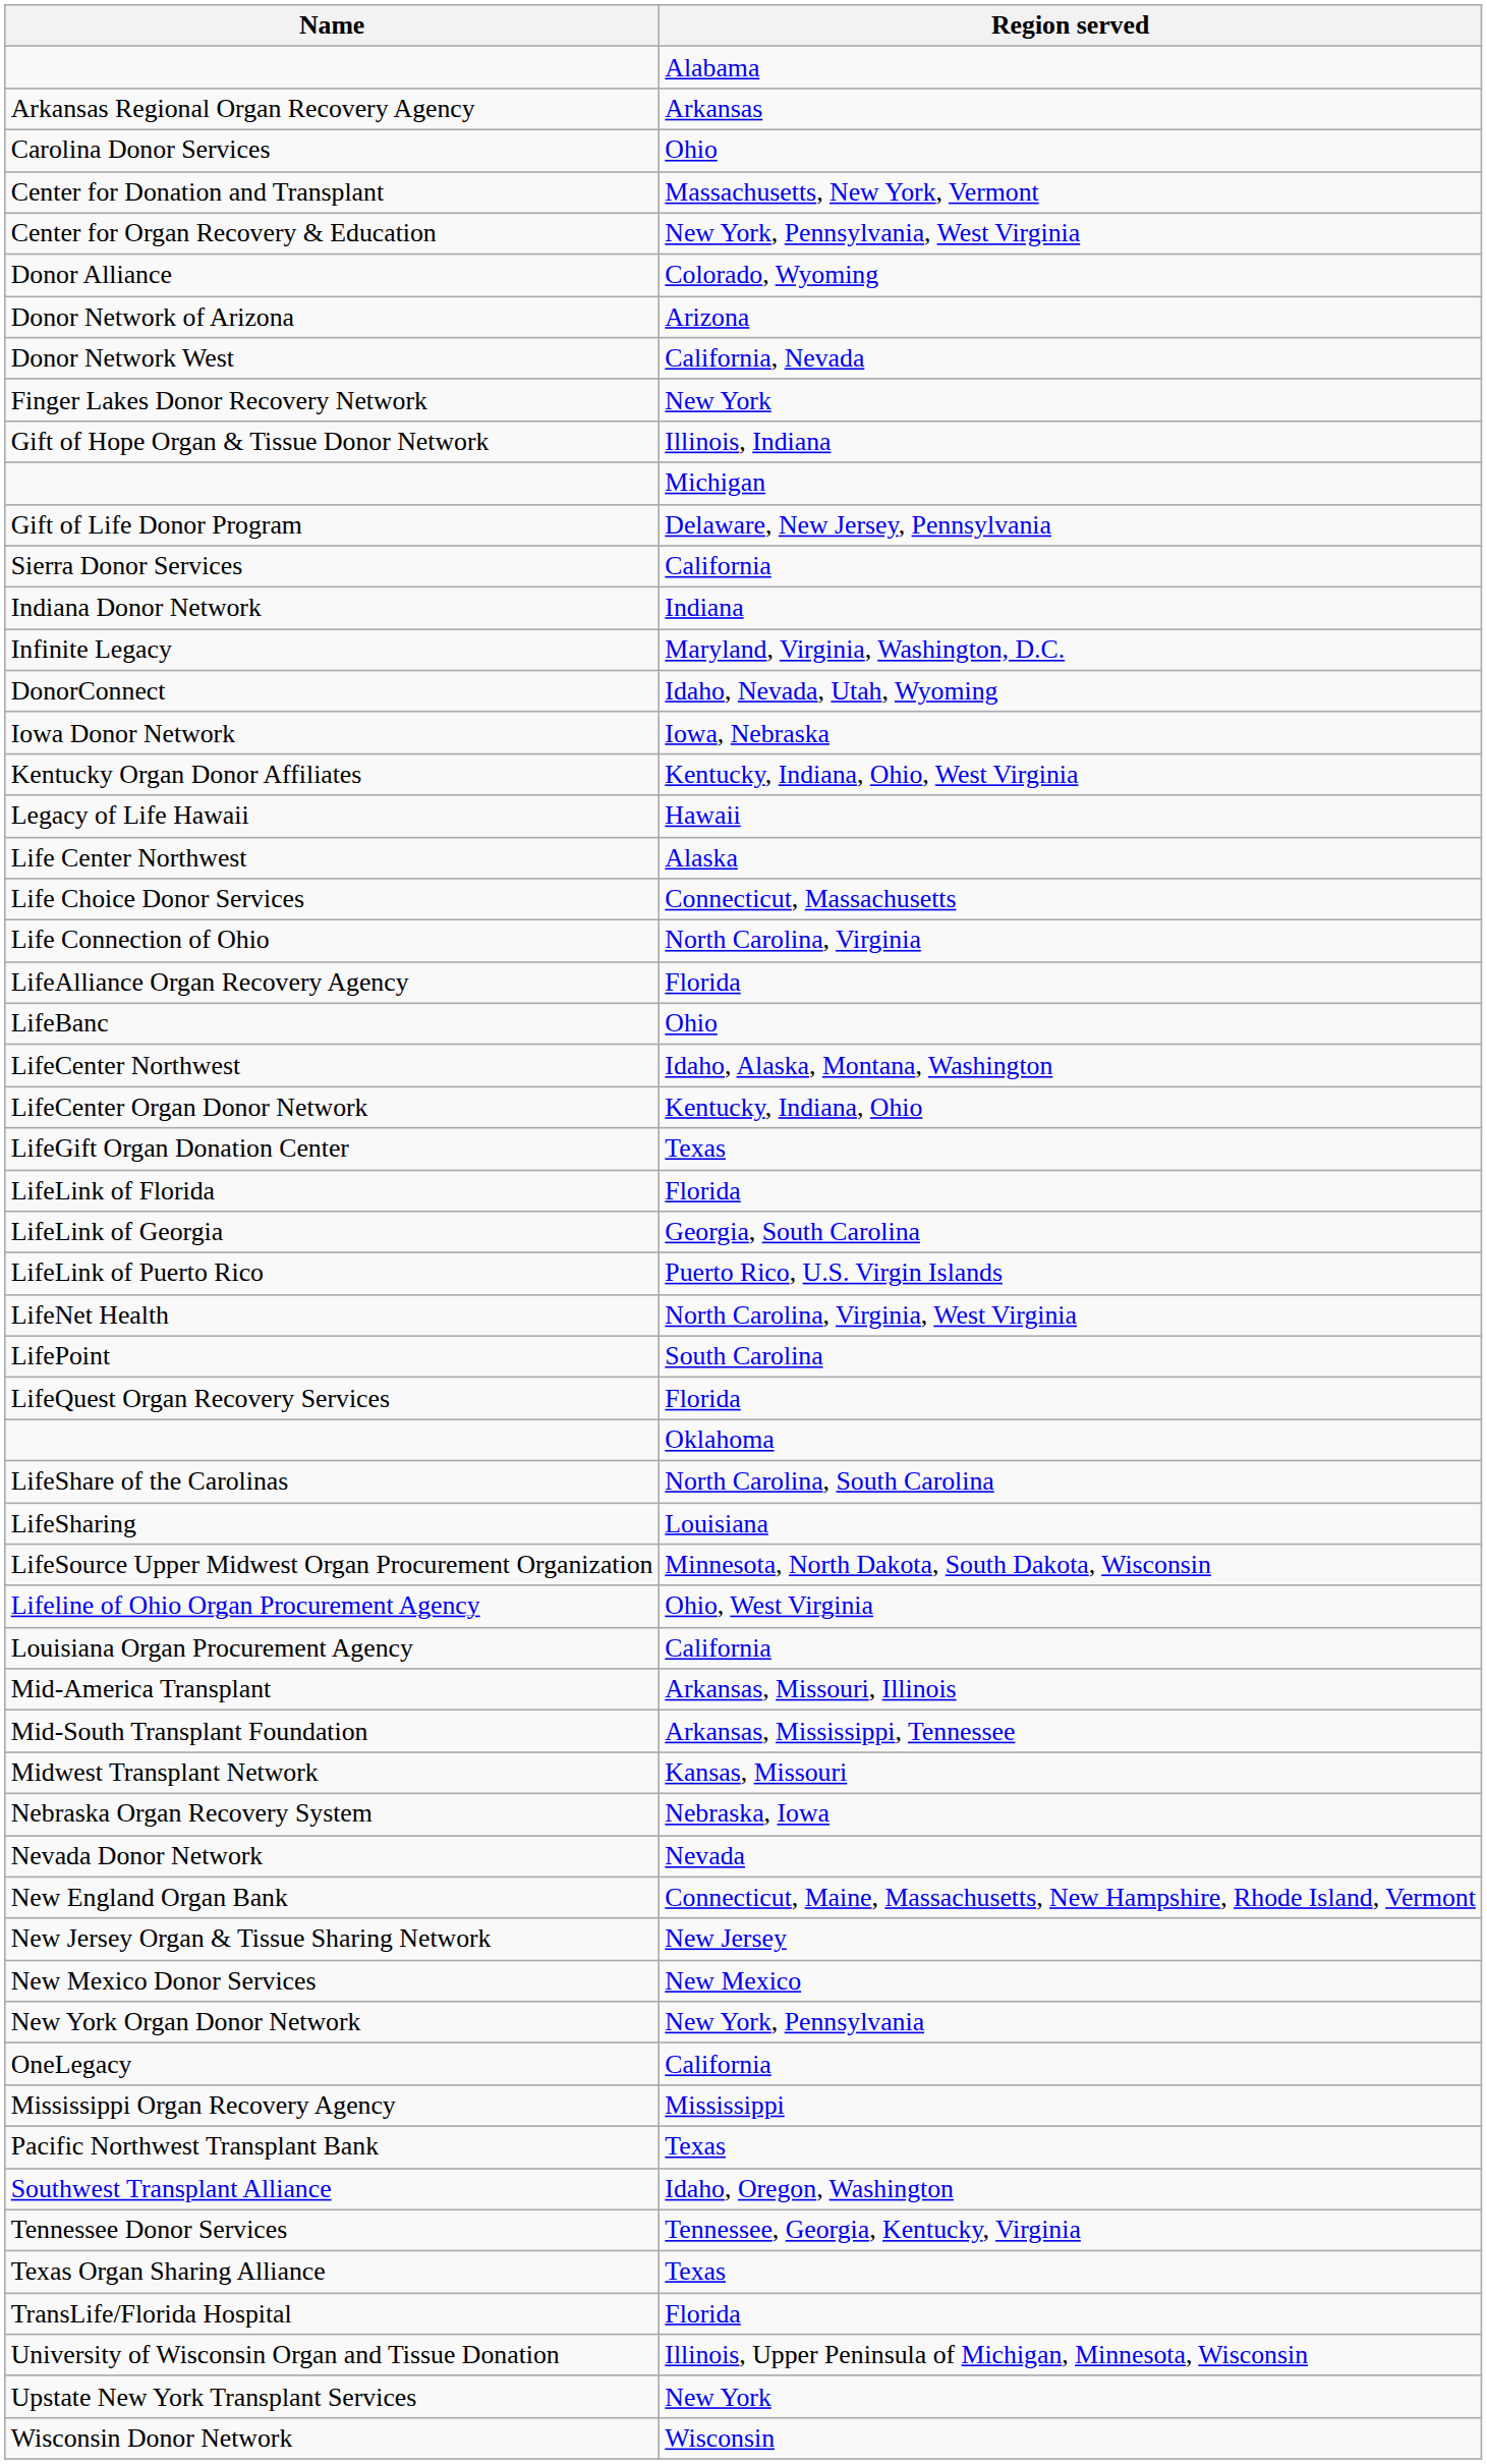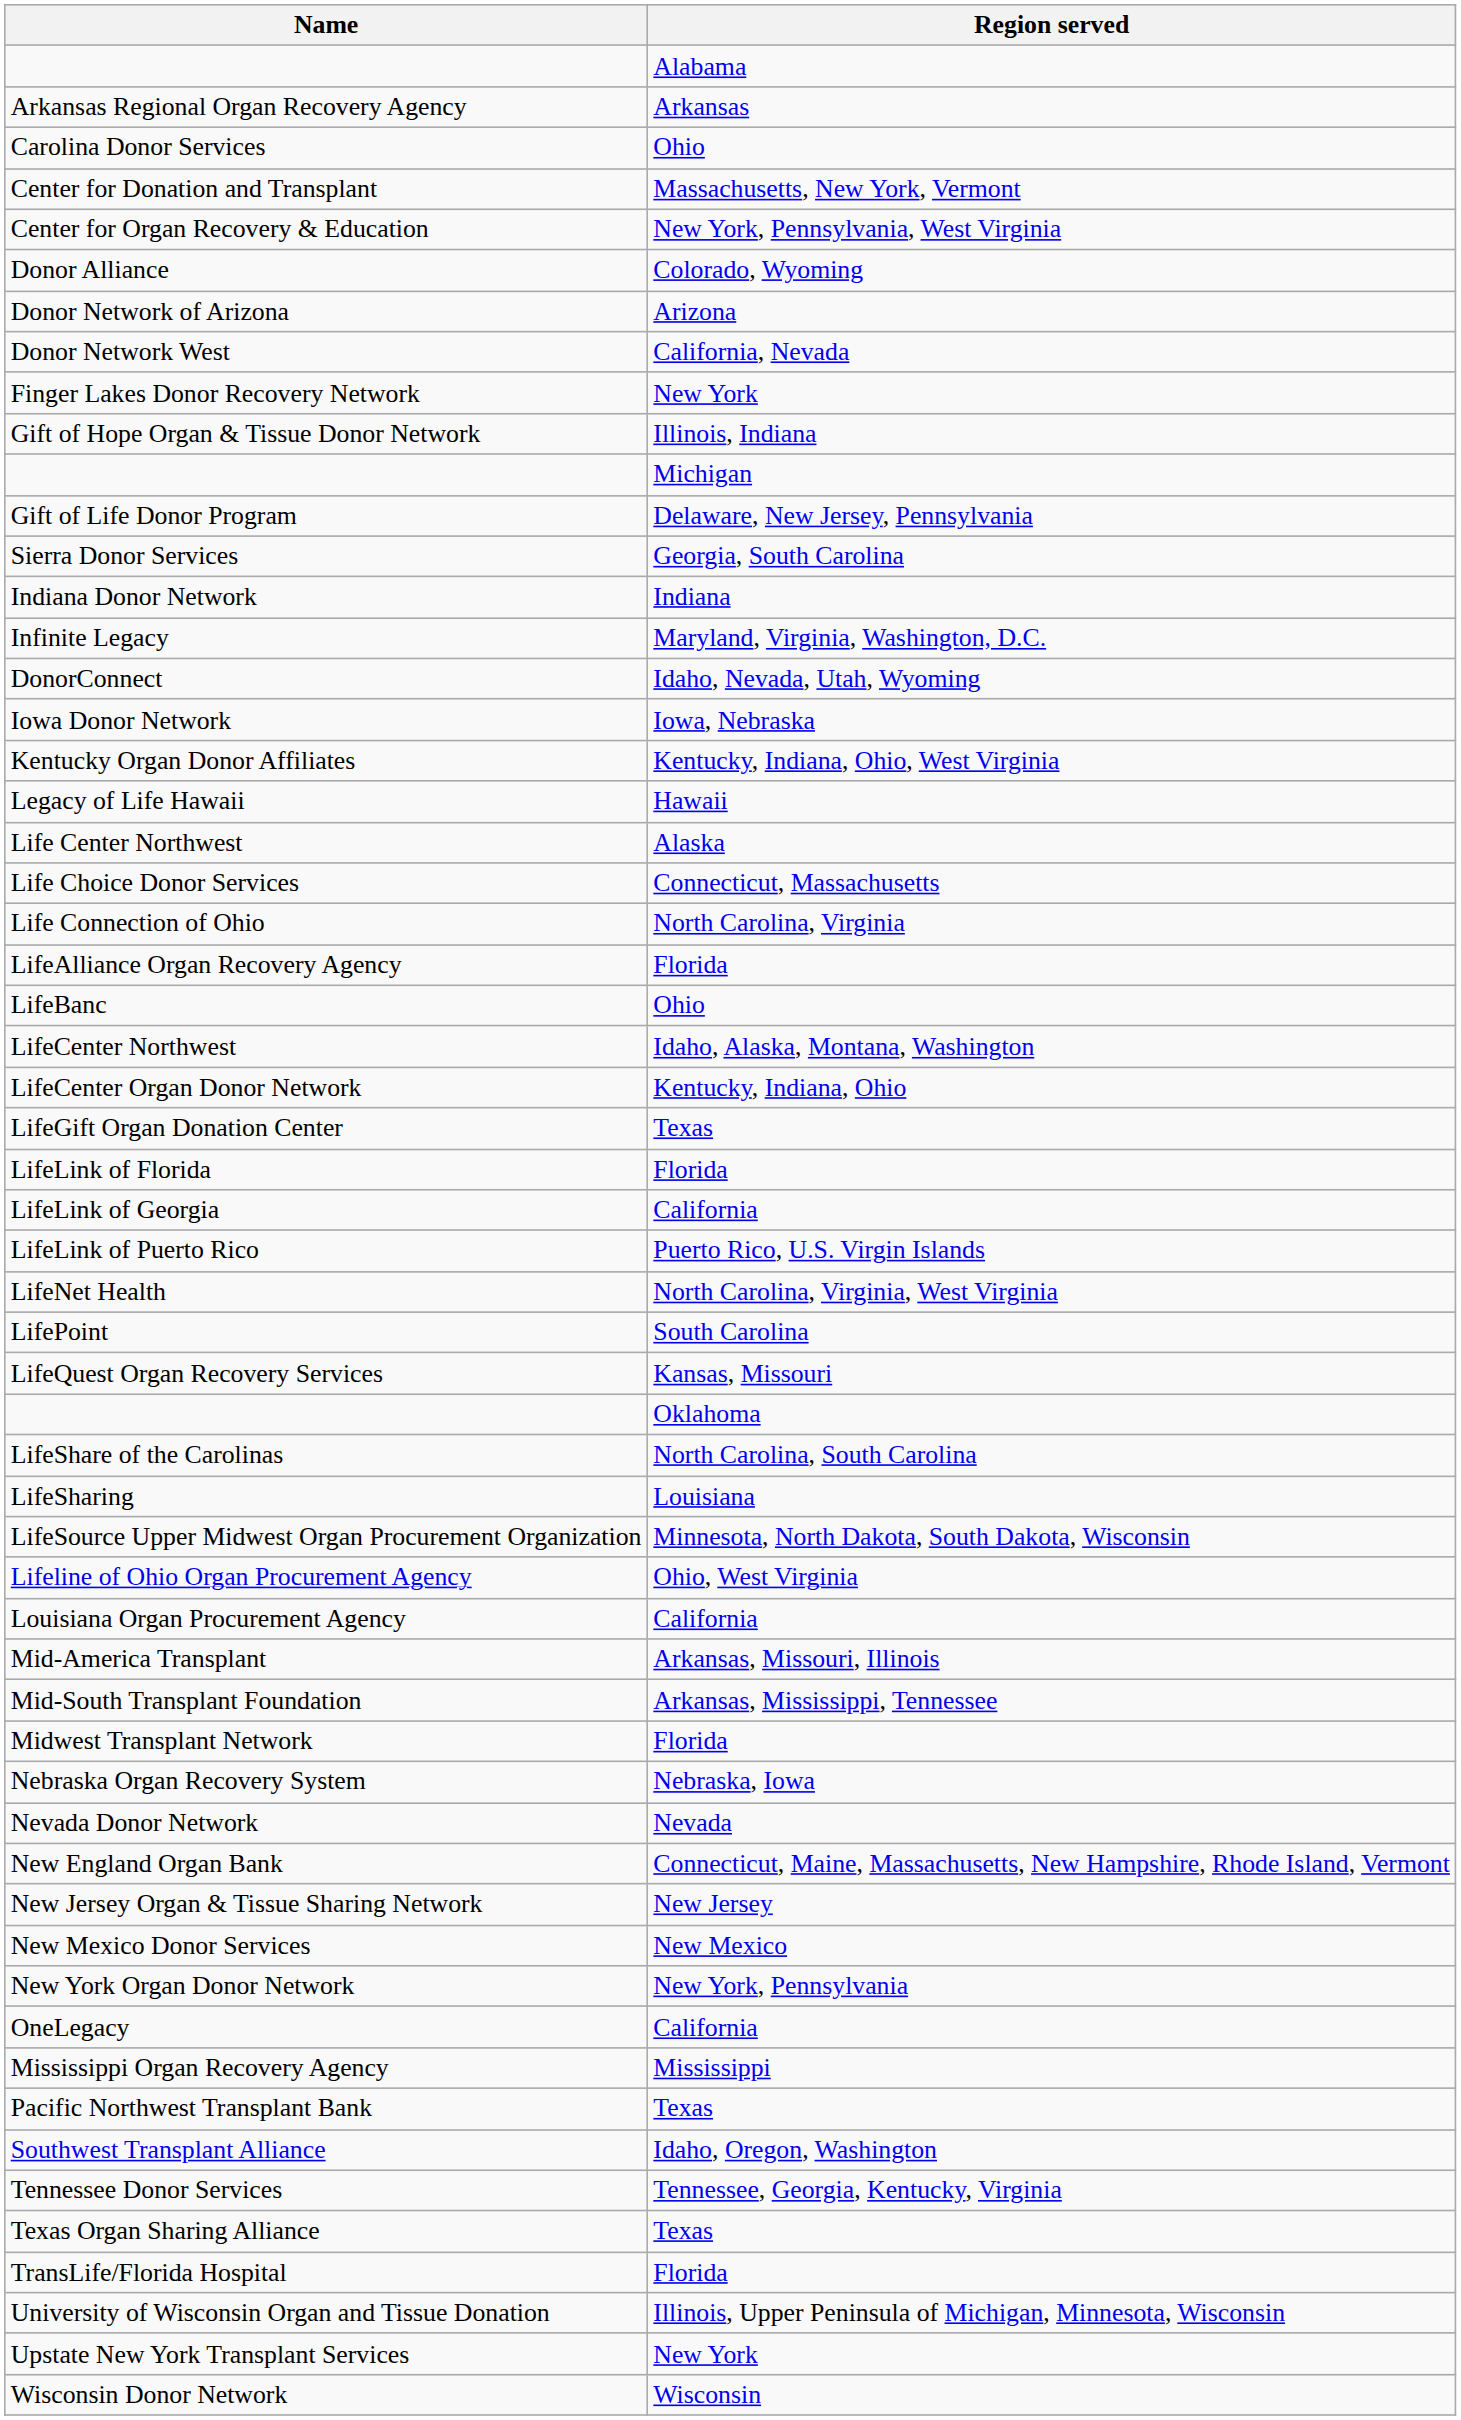 <table class="wikitable sortable">
 <tr>
 <th>Name</th>
 <th>Region served</th>
 </tr>
 <tr>
 <td></td>
 <td><a href='#'>Alabama</a></td>
 </tr>
 <tr>
 <td>Arkansas Regional Organ Recovery Agency</td>
 <td><a href='#'>Arkansas</a></td>
 </tr>
 <tr>
 <td>Carolina Donor Services</td>
 <td><a href='#'>Ohio</a></td>
 </tr>
 <tr>
 <td>Center for Donation and Transplant</td>
 <td><a href='#'>Massachusetts</a>, <a href='#'>New York</a>, <a href='#'>Vermont</a></td>
 </tr>
 <tr>
 <td>Center for Organ Recovery & Education</td>
 <td><a href='#'>New York</a>, <a href='#'>Pennsylvania</a>, <a href='#'>West Virginia</a></td>
 </tr>
 <tr>
 <td>Donor Alliance</td>
 <td><a href='#'>Colorado</a>, <a href='#'>Wyoming</a></td>
 </tr>
 <tr>
 <td>Donor Network of Arizona</td>
 <td><a href='#'>Arizona</a></td>
 </tr>
 <tr>
 <td>Donor Network West</td>
 <td><a href='#'>California</a>, <a href='#'>Nevada</a></td>
 </tr>
 <tr>
 <td>Finger Lakes Donor Recovery Network</td>
 <td><a href='#'>New York</a></td>
 </tr>
 <tr>
 <td>Gift of Hope Organ & Tissue Donor Network</td>
 <td><a href='#'>Illinois</a>, <a href='#'>Indiana</a></td>
 </tr>
 <tr>
 <td></td>
 <td><a href='#'>Michigan</a></td>
 </tr>
 <tr>
 <td>Gift of Life Donor Program</td>
 <td><a href='#'>Delaware</a>, <a href='#'>New Jersey</a>, <a href='#'>Pennsylvania</a></td>
 </tr>
 <tr>
 <td>Sierra Donor Services</td>
-<td><a href='#'>California</a></td>
+<td><a href='#'>Georgia</a>, <a href='#'>South Carolina</a></td>
 </tr>
 <tr>
 <td>Indiana Donor Network</td>
 <td><a href='#'>Indiana</a></td>
 </tr>
 <tr>
 <td>Infinite Legacy</td>
 <td><a href='#'>Maryland</a>, <a href='#'>Virginia</a>, <a href='#'>Washington, D.C.</a></td>
 </tr>
 <tr>
 <td>DonorConnect</td>
 <td><a href='#'>Idaho</a>, <a href='#'>Nevada</a>, <a href='#'>Utah</a>, <a href='#'>Wyoming</a></td>
 </tr>
 <tr>
 <td>Iowa Donor Network</td>
 <td><a href='#'>Iowa</a>, <a href='#'>Nebraska</a></td>
 </tr>
 <tr>
 <td>Kentucky Organ Donor Affiliates</td>
 <td><a href='#'>Kentucky</a>, <a href='#'>Indiana</a>, <a href='#'>Ohio</a>, <a href='#'>West Virginia</a></td>
 </tr>
 <tr>
 <td>Legacy of Life Hawaii</td>
 <td><a href='#'>Hawaii</a></td>
 </tr>
 <tr>
 <td>Life Center Northwest</td>
 <td><a href='#'>Alaska</a></td>
 </tr>
 <tr>
 <td>Life Choice Donor Services</td>
 <td><a href='#'>Connecticut</a>, <a href='#'>Massachusetts</a></td>
 </tr>
 <tr>
 <td>Life Connection of Ohio</td>
 <td><a href='#'>North Carolina</a>, <a href='#'>Virginia</a></td>
 </tr>
 <tr>
 <td>LifeAlliance Organ Recovery Agency</td>
 <td><a href='#'>Florida</a></td>
 </tr>
 <tr>
 <td>LifeBanc</td>
 <td><a href='#'>Ohio</a></td>
 </tr>
 <tr>
 <td>LifeCenter Northwest</td>
 <td><a href='#'>Idaho</a>, <a href='#'>Alaska</a>, <a href='#'>Montana</a>, <a href='#'>Washington</a></td>
 </tr>
 <tr>
 <td>LifeCenter Organ Donor Network</td>
 <td><a href='#'>Kentucky</a>, <a href='#'>Indiana</a>, <a href='#'>Ohio</a></td>
 </tr>
 <tr>
 <td>LifeGift Organ Donation Center</td>
 <td><a href='#'>Texas</a></td>
 </tr>
 <tr>
 <td>LifeLink of Florida</td>
 <td><a href='#'>Florida</a></td>
 </tr>
 <tr>
 <td>LifeLink of Georgia</td>
-<td><a href='#'>Georgia</a>, <a href='#'>South Carolina</a></td>
+<td><a href='#'>California</a></td>
 </tr>
 <tr>
 <td>LifeLink of Puerto Rico</td>
 <td><a href='#'>Puerto Rico</a>, <a href='#'>U.S. Virgin Islands</a></td>
 </tr>
 <tr>
 <td>LifeNet Health</td>
 <td><a href='#'>North Carolina</a>, <a href='#'>Virginia</a>, <a href='#'>West Virginia</a></td>
 </tr>
 <tr>
 <td>LifePoint</td>
 <td><a href='#'>South Carolina</a></td>
 </tr>
 <tr>
 <td>LifeQuest Organ Recovery Services</td>
-<td><a href='#'>Florida</a></td>
+<td><a href='#'>Kansas</a>, <a href='#'>Missouri</a></td>
 </tr>
 <tr>
 <td></td>
 <td><a href='#'>Oklahoma</a></td>
 </tr>
 <tr>
 <td>LifeShare of the Carolinas</td>
 <td><a href='#'>North Carolina</a>, <a href='#'>South Carolina</a></td>
 </tr>
 <tr>
 <td>LifeSharing</td>
 <td><a href='#'>Louisiana</a></td>
 </tr>
 <tr>
 <td>LifeSource Upper Midwest Organ Procurement Organization</td>
 <td><a href='#'>Minnesota</a>, <a href='#'>North Dakota</a>, <a href='#'>South Dakota</a>, <a href='#'>Wisconsin</a></td>
 </tr>
 <tr>
 <td><a href='#'>Lifeline of Ohio Organ Procurement Agency</a></td>
 <td><a href='#'>Ohio</a>, <a href='#'>West Virginia</a></td>
 </tr>
 <tr>
 <td>Louisiana Organ Procurement Agency</td>
 <td><a href='#'>California</a></td>
 </tr>
 <tr>
 <td>Mid-America Transplant</td>
 <td><a href='#'>Arkansas</a>, <a href='#'>Missouri</a>, <a href='#'>Illinois</a></td>
 </tr>
 <tr>
 <td>Mid-South Transplant Foundation</td>
 <td><a href='#'>Arkansas</a>, <a href='#'>Mississippi</a>, <a href='#'>Tennessee</a></td>
 </tr>
 <tr>
 <td>Midwest Transplant Network</td>
-<td><a href='#'>Kansas</a>, <a href='#'>Missouri</a></td>
+<td><a href='#'>Florida</a></td>
 </tr>
 <tr>
 <td>Nebraska Organ Recovery System</td>
 <td><a href='#'>Nebraska</a>, <a href='#'>Iowa</a></td>
 </tr>
 <tr>
 <td>Nevada Donor Network</td>
 <td><a href='#'>Nevada</a></td>
 </tr>
 <tr>
 <td>New England Organ Bank</td>
 <td><a href='#'>Connecticut</a>, <a href='#'>Maine</a>, <a href='#'>Massachusetts</a>, <a href='#'>New Hampshire</a>, <a href='#'>Rhode Island</a>, <a href='#'>Vermont</a></td>
 </tr>
 <tr>
 <td>New Jersey Organ & Tissue Sharing Network</td>
 <td><a href='#'>New Jersey</a></td>
 </tr>
 <tr>
 <td>New Mexico Donor Services</td>
 <td><a href='#'>New Mexico</a></td>
 </tr>
 <tr>
 <td>New York Organ Donor Network</td>
 <td><a href='#'>New York</a>, <a href='#'>Pennsylvania</a></td>
 </tr>
 <tr>
 <td>OneLegacy</td>
 <td><a href='#'>California</a></td>
 </tr>
 <tr>
 <td>Mississippi Organ Recovery Agency</td>
 <td><a href='#'>Mississippi</a></td>
 </tr>
 <tr>
 <td>Pacific Northwest Transplant Bank</td>
 <td><a href='#'>Texas</a></td>
 </tr>
 <tr>
 <td><a href='#'>Southwest Transplant Alliance</a></td>
 <td><a href='#'>Idaho</a>, <a href='#'>Oregon</a>, <a href='#'>Washington</a></td>
 </tr>
 <tr>
 <td>Tennessee Donor Services</td>
 <td><a href='#'>Tennessee</a>, <a href='#'>Georgia</a>, <a href='#'>Kentucky</a>, <a href='#'>Virginia</a></td>
 </tr>
 <tr>
 <td>Texas Organ Sharing Alliance</td>
 <td><a href='#'>Texas</a></td>
 </tr>
 <tr>
 <td>TransLife/Florida Hospital</td>
 <td><a href='#'>Florida</a></td>
 </tr>
 <tr>
 <td>University of Wisconsin Organ and Tissue Donation</td>
 <td><a href='#'>Illinois</a>, Upper Peninsula of <a href='#'>Michigan</a>, <a href='#'>Minnesota</a>, <a href='#'>Wisconsin</a></td>
 </tr>
 <tr>
 <td>Upstate New York Transplant Services</td>
 <td><a href='#'>New York</a></td>
 </tr>
 <tr>
 <td>Wisconsin Donor Network</td>
 <td><a href='#'>Wisconsin</a></td>
 </tr>
 </table>
